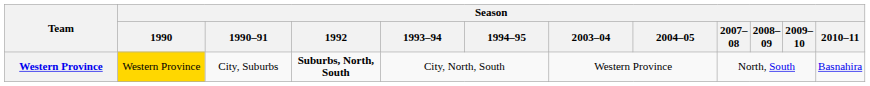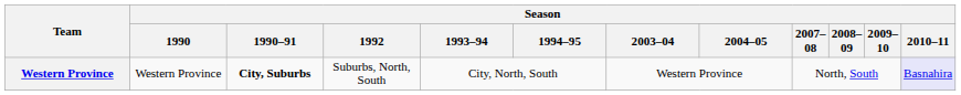 <table class="wikitable" style="text-align:center">
 <tr>
 <th rowspan="2" width="16%">Team</th>
 <th colspan="11" align="center">Season</th>
 </tr>
 <tr>
 <th align="center" width="12%">1990</th>
 <th align="center" width="12%">1990–91</th>
 <th align="center" width="12%">1992</th>
 <th align="center" width="12%">1993–94</th>
 <th align="center" width="12%">1994–95</th>
 <th align="center" width="12%">2003–04</th>
 <th align="center" width="12%">2004–05</th>
 <th align="center" width="12%">2007–08</th>
 <th align="center" width="12%">2008–09</th>
 <th align="center" width="12%">2009–10</th>
 <th align="center" width="12%">2010–11</th>
 </tr>
 <tr>
 <th><a href='#'>Western Province</a></th>
-<td style="background: gold;">Western Province</td>
-<td>City, Suburbs</td>
-<td><strong>Suburbs, North, South</strong></td>
+<td>Western Province</td>
+<td><strong>City, Suburbs</strong></td>
+<td>Suburbs, North, South</td>
 <td colspan="2">City, North, South</td>
 <td colspan="2">Western Province</td>
 <td colspan="3">North, <a href='#'>South</a></td>
-<td colspan="1"><a href='#'>Basnahira</a></td>
+<td colspan="1" style="background: lavender;"><a href='#'>Basnahira</a></td>
 </tr>
 </table>
